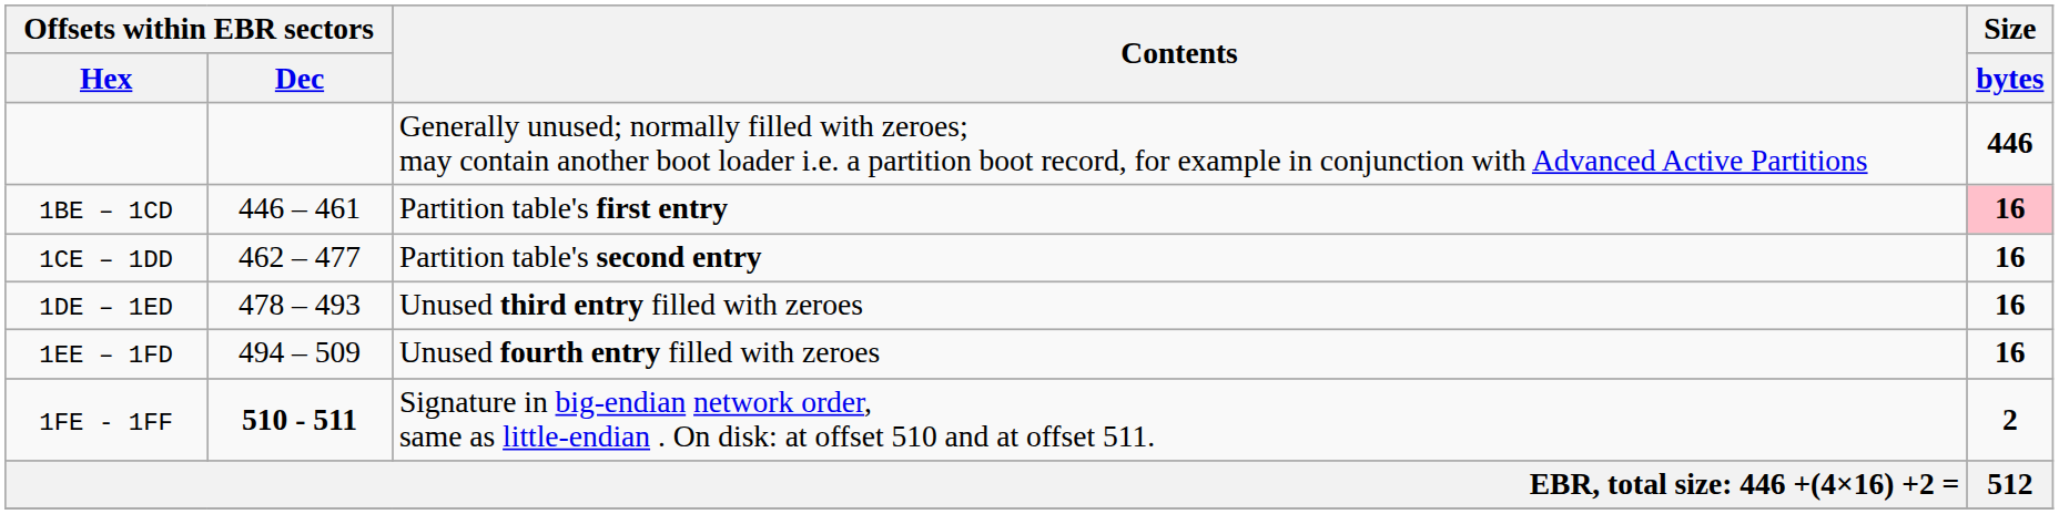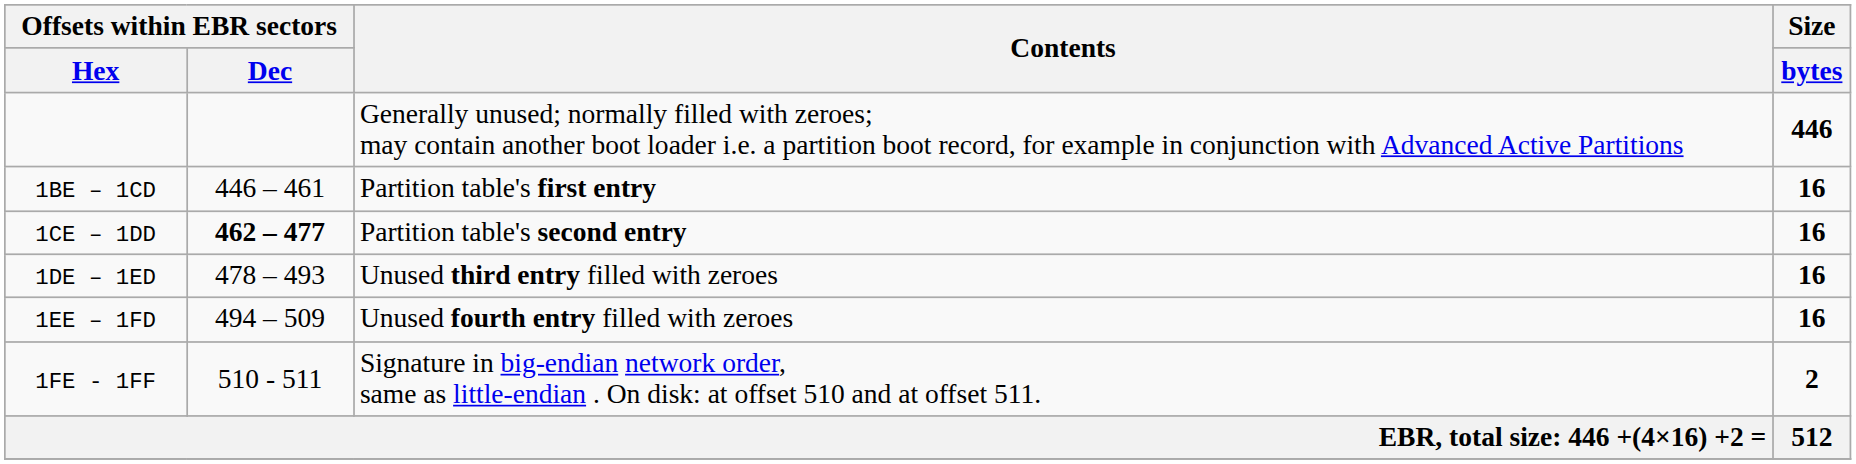 <table class="wikitable" width="85%">
 <tr>
 <th colspan="2">Offsets within EBR sectors</th>
 <th rowspan="2">Contents</th>
 <th>Size</th>
 </tr>
 <tr>
 <th><a href='#'>Hex</a></th>
 <th><a href='#'>Dec</a></th>
 <th><a href='#'>bytes</a></th>
 </tr>
 <tr>
 <td style="text-align: center"></td>
 <td style="text-align: center"></td>
 <td>Generally unused; normally filled with zeroes;<br> may contain another boot loader i.e. a partition boot record, for example in conjunction with <a href='#'>Advanced Active Partitions</a></td>
 <td style="text-align: center"><strong>446</strong></td>
 </tr>
 <tr>
 <td style="text-align: center"><code>1BE – 1CD</code></td>
 <td style="text-align: center">446 – 461</td>
 <td>Partition table's <strong>first entry</strong></td>
-<td style="background: pink; text-align: center"><strong>16</strong></td>
+<td style="text-align: center"><strong>16</strong></td>
 </tr>
 <tr>
 <td style="text-align: center"><code>1CE – 1DD</code></td>
-<td style="text-align: center">462 – 477</td>
+<td style="text-align: center"><strong>462 – 477</strong></td>
 <td>Partition table's <strong>second entry</strong></td>
 <td style="text-align: center"><strong>16</strong></td>
 </tr>
 <tr>
 <td style="text-align: center"><code>1DE – 1ED</code></td>
 <td style="text-align: center">478 – 493</td>
 <td>Unused <strong>third entry</strong> filled with zeroes</td>
 <td style="text-align: center"><strong>16</strong></td>
 </tr>
 <tr>
 <td style="text-align: center"><code>1EE – 1FD</code></td>
 <td style="text-align: center">494 – 509</td>
 <td>Unused <strong>fourth entry</strong> filled with zeroes</td>
 <td style="text-align: center"><strong>16</strong></td>
 </tr>
 <tr>
 <td style="text-align: center"><code>1FE - 1FF</code></td>
-<td style="text-align: center"><strong>510 - 511</strong></td>
+<td style="text-align: center">510 - 511</td>
 <td>Signature  in <a href='#'>big-endian</a> <a href='#'>network order</a>,<br>same as <a href='#'>little-endian</a> . On disk:  at offset 510 and  at offset 511.</td>
 <td style="text-align: center"><strong>2</strong></td>
 </tr>
 <tr>
 <th colspan="3" style="text-align: right">EBR, total size: 446 +(4×16) +2 =</th>
 <th style="text-align: center">512</th>
 </tr>
 <tr>
 </tr>
 </table>
